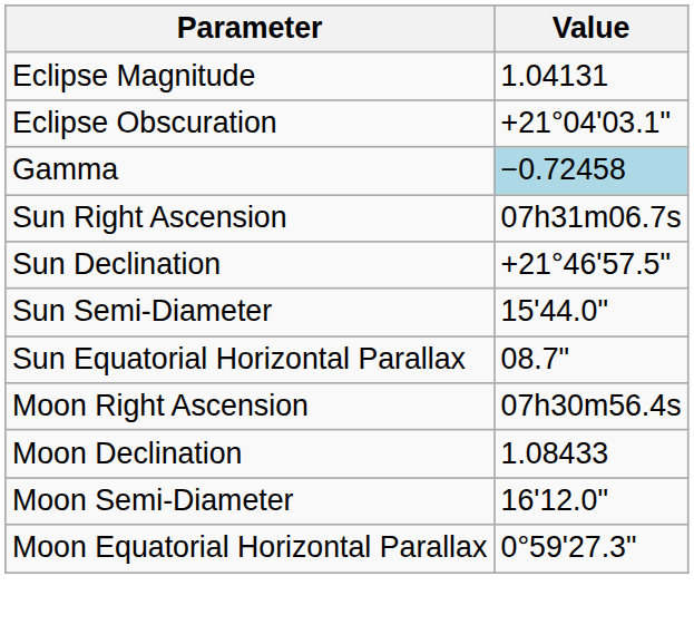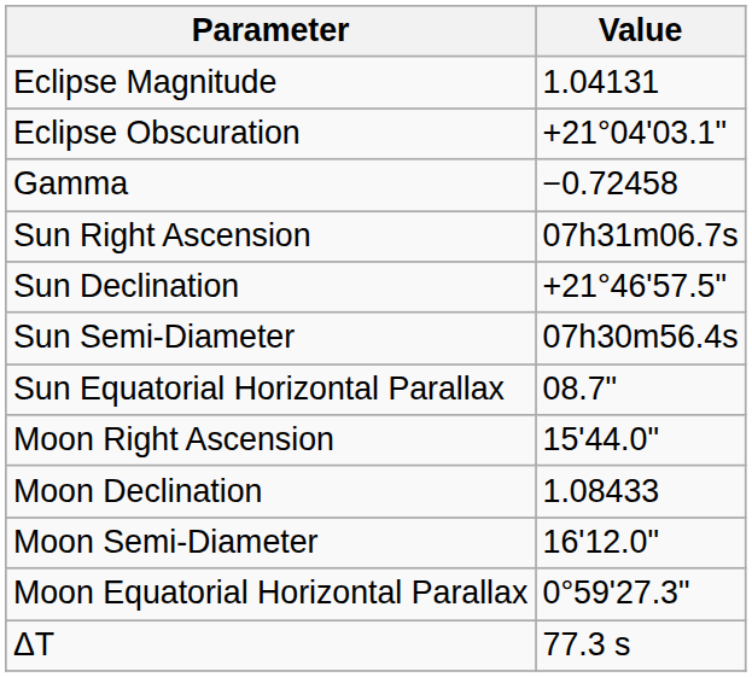 <table class="wikitable">
 <tr>
 <th>Parameter</th>
 <th>Value</th>
 </tr>
 <tr>
 <td>Eclipse Magnitude</td>
 <td>1.04131</td>
 </tr>
 <tr>
 <td>Eclipse Obscuration</td>
 <td>+21°04'03.1"</td>
 </tr>
 <tr>
 <td>Gamma</td>
-<td style="background: lightblue;">−0.72458</td>
+<td>−0.72458</td>
 </tr>
 <tr>
 <td>Sun Right Ascension</td>
 <td>07h31m06.7s</td>
 </tr>
 <tr>
 <td>Sun Declination</td>
 <td>+21°46'57.5"</td>
 </tr>
 <tr>
 <td>Sun Semi-Diameter</td>
-<td>15'44.0"</td>
+<td>07h30m56.4s</td>
 </tr>
 <tr>
 <td>Sun Equatorial Horizontal Parallax</td>
 <td>08.7"</td>
 </tr>
 <tr>
 <td>Moon Right Ascension</td>
-<td>07h30m56.4s</td>
+<td>15'44.0"</td>
 </tr>
 <tr>
 <td>Moon Declination</td>
 <td>1.08433</td>
 </tr>
 <tr>
 <td>Moon Semi-Diameter</td>
 <td>16'12.0"</td>
 </tr>
 <tr>
 <td>Moon Equatorial Horizontal Parallax</td>
 <td>0°59'27.3"</td>
 </tr>
+<tr>
+<td>ΔT</td>
+<td>77.3 s</td>
+</tr>
 </table>
